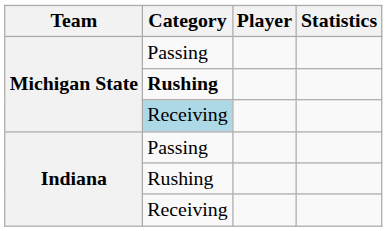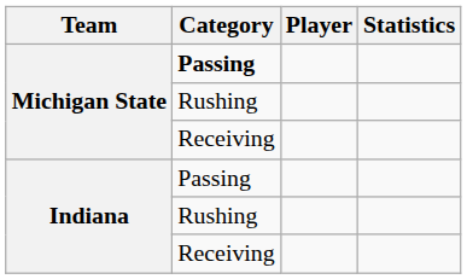 <table class="wikitable" style="float:right">
 <tr>
 <th>Team</th>
 <th>Category</th>
 <th>Player</th>
 <th>Statistics</th>
 </tr>
 <tr>
 <th rowspan=3>Michigan State</th>
-<td>Passing</td>
+<td><strong>Passing</strong></td>
 <td></td>
 <td></td>
 </tr>
 <tr>
-<td><strong>Rushing</strong></td>
+<td>Rushing</td>
 <td></td>
 <td></td>
 </tr>
 <tr>
-<td style="background: lightblue;">Receiving</td>
+<td>Receiving</td>
 <td></td>
 <td></td>
 </tr>
 <tr>
 <th rowspan=3>Indiana</th>
 <td>Passing</td>
 <td></td>
 <td></td>
 </tr>
 <tr>
 <td>Rushing</td>
 <td></td>
 <td></td>
 </tr>
 <tr>
 <td>Receiving</td>
 <td></td>
 <td></td>
 </tr>
 </table>
